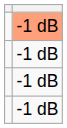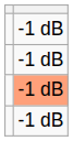 <table class="wikitable">
 <tr>
 <th></th>
 <th></th>
-</tr>
-<tr>
-<td></td>
-<td style="background: lightsalmon;">-1 dB</td>
 </tr>
 <tr>
 <td></td>
 <td>-1 dB</td>
 </tr>
 <tr>
 <td></td>
 <td>-1 dB</td>
 </tr>
 <tr>
 <td></td>
+<td style="background: lightsalmon;">-1 dB</td>
+</tr>
+<tr>
+<td></td>
 <td>-1 dB</td>
 </tr>
 </table>
